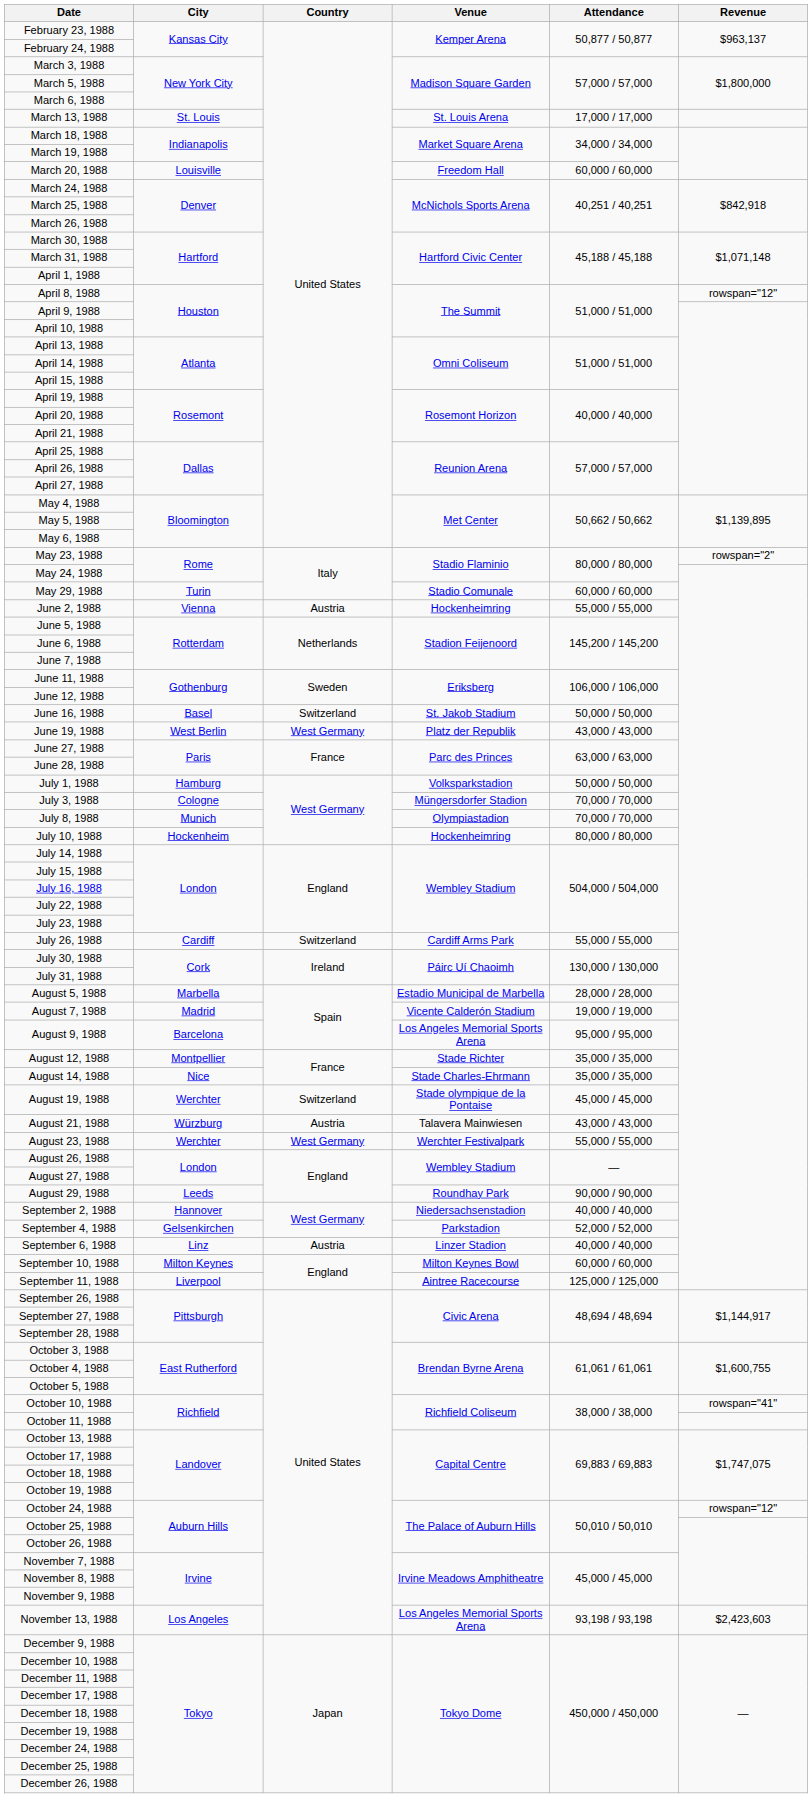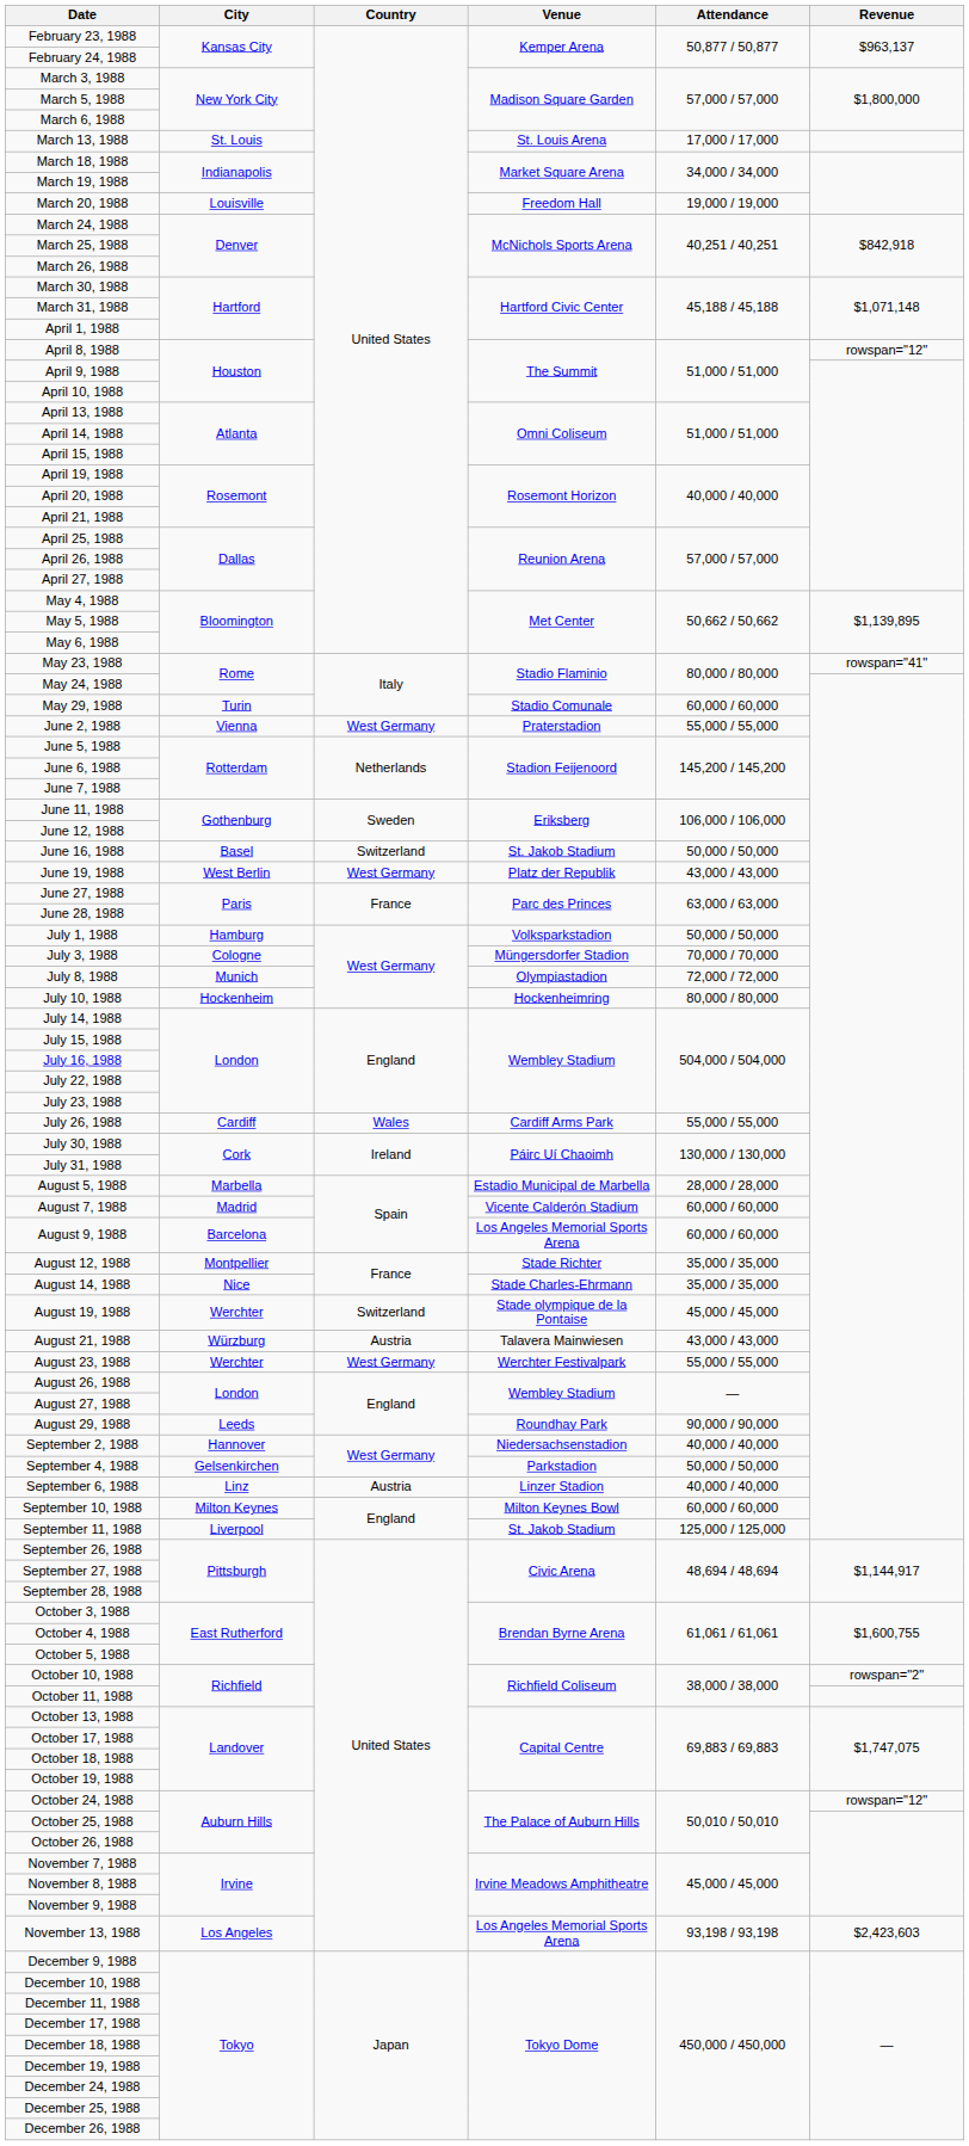 <table class="wikitable" style="text-align:center;">
 <tr>
 <th style="width:180px;">Date</th>
 <th style="width:180px;">City</th>
 <th style="width:180px;">Country</th>
 <th style="width:220px;">Venue</th>
 <th style="width:180px;">Attendance</th>
 <th style="width:180px;">Revenue</th>
 </tr>
 <tr>
 <td>February 23, 1988</td>
 <td rowspan="2"><a href='#'>Kansas City</a></td>
 <td rowspan="30">United States</td>
 <td rowspan="2"><a href='#'>Kemper Arena</a></td>
 <td rowspan="2">50,877 / 50,877</td>
 <td rowspan="2">$963,137</td>
 </tr>
 <tr>
 <td>February 24, 1988</td>
 </tr>
 <tr>
 <td>March 3, 1988</td>
 <td rowspan="3"><a href='#'>New York City</a></td>
 <td rowspan="3"><a href='#'>Madison Square Garden</a></td>
 <td rowspan=3>57,000 / 57,000</td>
 <td rowspan=3>$1,800,000</td>
 </tr>
 <tr>
 <td>March 5, 1988</td>
 </tr>
 <tr>
 <td>March 6, 1988</td>
 </tr>
 <tr>
 <td>March 13, 1988</td>
 <td><a href='#'>St. Louis</a></td>
 <td><a href='#'>St. Louis Arena</a></td>
 <td>17,000 / 17,000</td>
 <td></td>
 </tr>
 <tr>
 <td>March 18, 1988</td>
 <td rowspan="2"><a href='#'>Indianapolis</a></td>
 <td rowspan="2"><a href='#'>Market Square Arena</a></td>
 <td rowspan="2">34,000 / 34,000</td>
 </tr>
 <tr>
 <td>March 19, 1988</td>
 </tr>
 <tr>
 <td>March 20, 1988</td>
 <td><a href='#'>Louisville</a></td>
 <td><a href='#'>Freedom Hall</a></td>
-<td>60,000 / 60,000</td>
+<td>19,000 / 19,000</td>
 </tr>
 <tr>
 <td>March 24, 1988</td>
 <td rowspan="3"><a href='#'>Denver</a></td>
 <td rowspan="3"><a href='#'>McNichols Sports Arena</a></td>
 <td rowspan="3">40,251 / 40,251</td>
 <td rowspan="3">$842,918</td>
 </tr>
 <tr>
 <td>March 25, 1988</td>
 </tr>
 <tr>
 <td>March 26, 1988</td>
 </tr>
 <tr>
 <td>March 30, 1988</td>
 <td rowspan="3"><a href='#'>Hartford</a></td>
 <td rowspan="3"><a href='#'>Hartford Civic Center</a></td>
 <td rowspan="3">45,188 / 45,188</td>
 <td rowspan="3">$1,071,148</td>
 </tr>
 <tr>
 <td>March 31, 1988</td>
 </tr>
 <tr>
 <td>April 1, 1988</td>
 </tr>
 <tr>
 <td>April 8, 1988</td>
 <td rowspan="3"><a href='#'>Houston</a></td>
 <td rowspan="3"><a href='#'>The Summit</a></td>
 <td rowspan="3">51,000 / 51,000</td>
 <td>rowspan="12" </td>
 </tr>
 <tr>
 <td>April 9, 1988</td>
 </tr>
 <tr>
 <td>April 10, 1988</td>
 </tr>
 <tr>
 <td>April 13, 1988</td>
 <td rowspan="3"><a href='#'>Atlanta</a></td>
 <td rowspan="3"><a href='#'>Omni Coliseum</a></td>
 <td rowspan="3">51,000 / 51,000</td>
 </tr>
 <tr>
 <td>April 14, 1988</td>
 </tr>
 <tr>
 <td>April 15, 1988</td>
 </tr>
 <tr>
 <td>April 19, 1988</td>
 <td rowspan="3"><a href='#'>Rosemont</a></td>
 <td rowspan="3"><a href='#'>Rosemont Horizon</a></td>
 <td rowspan="3">40,000 / 40,000</td>
 </tr>
 <tr>
 <td>April 20, 1988</td>
 </tr>
 <tr>
 <td>April 21, 1988</td>
 </tr>
 <tr>
 <td>April 25, 1988</td>
 <td rowspan="3"><a href='#'>Dallas</a></td>
 <td rowspan="3"><a href='#'>Reunion Arena</a></td>
 <td rowspan="3">57,000 / 57,000</td>
 </tr>
 <tr>
 <td>April 26, 1988</td>
 </tr>
 <tr>
 <td>April 27, 1988</td>
 </tr>
 <tr>
 <td>May 4, 1988</td>
 <td rowspan="3"><a href='#'>Bloomington</a></td>
 <td rowspan="3"><a href='#'>Met Center</a></td>
 <td rowspan="3">50,662 / 50,662</td>
 <td rowspan="3">$1,139,895</td>
 </tr>
 <tr>
 <td>May 5, 1988</td>
 </tr>
 <tr>
 <td>May 6, 1988</td>
 </tr>
 <tr>
 <td>May 23, 1988</td>
 <td rowspan="2"><a href='#'>Rome</a></td>
 <td rowspan="3">Italy</td>
 <td rowspan="2"><a href='#'>Stadio Flaminio</a></td>
 <td rowspan="2">80,000 / 80,000</td>
-<td>rowspan="2" </td>
+<td>rowspan="41" </td>
 </tr>
 <tr>
 <td>May 24, 1988</td>
 </tr>
 <tr>
 <td>May 29, 1988</td>
 <td><a href='#'>Turin</a></td>
 <td><a href='#'>Stadio Comunale</a></td>
 <td>60,000 / 60,000</td>
 </tr>
 <tr>
 <td>June 2, 1988</td>
 <td><a href='#'>Vienna</a></td>
-<td>Austria</td>
-<td><a href='#'>Hockenheimring</a></td>
+<td><a href='#'>West Germany</a></td>
+<td><a href='#'>Praterstadion</a></td>
 <td>55,000 / 55,000</td>
 </tr>
 <tr>
 <td>June 5, 1988</td>
 <td rowspan="3"><a href='#'>Rotterdam</a></td>
 <td rowspan="3">Netherlands</td>
 <td rowspan="3"><a href='#'>Stadion Feijenoord</a></td>
 <td rowspan="3">145,200 / 145,200</td>
 </tr>
 <tr>
 <td>June 6, 1988</td>
 </tr>
 <tr>
 <td>June 7, 1988</td>
 </tr>
 <tr>
 <td>June 11, 1988</td>
 <td rowspan="2"><a href='#'>Gothenburg</a></td>
 <td rowspan="2">Sweden</td>
 <td rowspan="2"><a href='#'>Eriksberg</a></td>
 <td rowspan="2">106,000 / 106,000</td>
 </tr>
 <tr>
 <td>June 12, 1988</td>
 </tr>
 <tr>
 <td>June 16, 1988</td>
 <td><a href='#'>Basel</a></td>
 <td>Switzerland</td>
 <td><a href='#'>St. Jakob Stadium</a></td>
 <td>50,000 / 50,000</td>
 </tr>
 <tr>
 <td>June 19, 1988</td>
 <td><a href='#'>West Berlin</a></td>
 <td><a href='#'>West Germany</a></td>
 <td><a href='#'>Platz der Republik</a></td>
 <td>43,000 / 43,000</td>
 </tr>
 <tr>
 <td>June 27, 1988</td>
 <td rowspan="2"><a href='#'>Paris</a></td>
 <td rowspan="2">France</td>
 <td rowspan="2"><a href='#'>Parc des Princes</a></td>
 <td rowspan="2">63,000 / 63,000</td>
 </tr>
 <tr>
 <td>June 28, 1988</td>
 </tr>
 <tr>
 <td>July 1, 1988</td>
 <td><a href='#'>Hamburg</a></td>
 <td rowspan="4"><a href='#'>West Germany</a></td>
 <td><a href='#'>Volksparkstadion</a></td>
 <td>50,000 / 50,000</td>
 </tr>
 <tr>
 <td>July 3, 1988</td>
 <td><a href='#'>Cologne</a></td>
 <td><a href='#'>Müngersdorfer Stadion</a></td>
 <td>70,000 / 70,000</td>
 </tr>
 <tr>
 <td>July 8, 1988</td>
 <td><a href='#'>Munich</a></td>
 <td><a href='#'>Olympiastadion</a></td>
-<td>70,000 / 70,000</td>
+<td>72,000 / 72,000</td>
 </tr>
 <tr>
 <td>July 10, 1988</td>
 <td><a href='#'>Hockenheim</a></td>
 <td><a href='#'>Hockenheimring</a></td>
 <td>80,000 / 80,000</td>
 </tr>
 <tr>
 <td>July 14, 1988</td>
 <td rowspan="5"><a href='#'>London</a></td>
 <td rowspan="5">England</td>
 <td rowspan="5"><a href='#'>Wembley Stadium</a></td>
 <td rowspan="5">504,000 / 504,000</td>
 </tr>
 <tr>
 <td>July 15, 1988</td>
 </tr>
 <tr>
 <td><a href='#'>July 16, 1988</a></td>
 </tr>
 <tr>
 <td>July 22, 1988</td>
 </tr>
 <tr>
 <td>July 23, 1988</td>
 </tr>
 <tr>
 <td>July 26, 1988</td>
 <td><a href='#'>Cardiff</a></td>
-<td>Switzerland</td>
+<td><a href='#'>Wales</a></td>
 <td><a href='#'>Cardiff Arms Park</a></td>
 <td>55,000 / 55,000</td>
 </tr>
 <tr>
 <td>July 30, 1988</td>
 <td rowspan="2"><a href='#'>Cork</a></td>
 <td rowspan="2">Ireland</td>
 <td rowspan="2"><a href='#'>Páirc Uí Chaoimh</a></td>
 <td rowspan="2">130,000 / 130,000</td>
 </tr>
 <tr>
 <td>July 31, 1988</td>
 </tr>
 <tr>
 <td>August 5, 1988</td>
 <td><a href='#'>Marbella</a></td>
 <td rowspan="3">Spain</td>
 <td><a href='#'>Estadio Municipal de Marbella</a></td>
 <td>28,000 / 28,000</td>
 </tr>
 <tr>
 <td>August 7, 1988</td>
 <td><a href='#'>Madrid</a></td>
 <td><a href='#'>Vicente Calderón Stadium</a></td>
-<td>19,000 / 19,000</td>
+<td>60,000 / 60,000</td>
 </tr>
 <tr>
 <td>August 9, 1988</td>
 <td><a href='#'>Barcelona</a></td>
 <td><a href='#'>Los Angeles Memorial Sports Arena</a></td>
-<td>95,000 / 95,000</td>
+<td>60,000 / 60,000</td>
 </tr>
 <tr>
 <td>August 12, 1988</td>
 <td><a href='#'>Montpellier</a></td>
 <td rowspan="2">France</td>
 <td><a href='#'>Stade Richter</a></td>
 <td>35,000 / 35,000</td>
 </tr>
 <tr>
 <td>August 14, 1988</td>
 <td><a href='#'>Nice</a></td>
 <td><a href='#'>Stade Charles-Ehrmann</a></td>
 <td>35,000 / 35,000</td>
 </tr>
 <tr>
 <td>August 19, 1988</td>
 <td><a href='#'>Werchter</a></td>
 <td>Switzerland</td>
 <td><a href='#'>Stade olympique de la Pontaise</a></td>
 <td>45,000 / 45,000</td>
 </tr>
 <tr>
 <td>August 21, 1988</td>
 <td><a href='#'>Würzburg</a></td>
 <td>Austria</td>
 <td>Talavera Mainwiesen</td>
 <td>43,000 / 43,000</td>
 </tr>
 <tr>
 <td>August 23, 1988</td>
 <td><a href='#'>Werchter</a></td>
 <td><a href='#'>West Germany</a></td>
 <td><a href='#'>Werchter Festivalpark</a></td>
 <td>55,000 / 55,000</td>
 </tr>
 <tr>
 <td>August 26, 1988</td>
 <td rowspan="2"><a href='#'>London</a></td>
 <td rowspan="3">England</td>
 <td rowspan="2"><a href='#'>Wembley Stadium</a></td>
 <td rowspan="2">—</td>
 </tr>
 <tr>
 <td>August 27, 1988</td>
 </tr>
 <tr>
 <td>August 29, 1988</td>
 <td><a href='#'>Leeds</a></td>
 <td><a href='#'>Roundhay Park</a></td>
 <td>90,000 / 90,000</td>
 </tr>
 <tr>
 <td>September 2, 1988</td>
 <td><a href='#'>Hannover</a></td>
 <td rowspan="2"><a href='#'>West Germany</a></td>
 <td><a href='#'>Niedersachsenstadion</a></td>
 <td>40,000 / 40,000</td>
 </tr>
 <tr>
 <td>September 4, 1988</td>
 <td><a href='#'>Gelsenkirchen</a></td>
 <td><a href='#'>Parkstadion</a></td>
-<td>52,000 / 52,000</td>
+<td>50,000 / 50,000</td>
 </tr>
 <tr>
 <td>September 6, 1988</td>
 <td><a href='#'>Linz</a></td>
 <td>Austria</td>
 <td><a href='#'>Linzer Stadion</a></td>
 <td>40,000 / 40,000</td>
 </tr>
 <tr>
 <td>September 10, 1988</td>
 <td><a href='#'>Milton Keynes</a></td>
 <td rowspan="2">England</td>
 <td><a href='#'>Milton Keynes Bowl</a></td>
 <td>60,000 / 60,000</td>
 </tr>
 <tr>
 <td>September 11, 1988</td>
 <td><a href='#'>Liverpool</a></td>
-<td><a href='#'>Aintree Racecourse</a></td>
+<td><a href='#'>St. Jakob Stadium</a></td>
 <td>125,000 / 125,000</td>
 </tr>
 <tr>
 <td>September 26, 1988</td>
 <td rowspan="3"><a href='#'>Pittsburgh</a></td>
 <td rowspan="19">United States</td>
 <td rowspan="3"><a href='#'>Civic Arena</a></td>
 <td rowspan="3">48,694 / 48,694</td>
 <td rowspan="3">$1,144,917</td>
 </tr>
 <tr>
 <td>September 27, 1988</td>
 </tr>
 <tr>
 <td>September 28, 1988</td>
 </tr>
 <tr>
 <td>October 3, 1988</td>
 <td rowspan="3"><a href='#'>East Rutherford</a></td>
 <td rowspan="3"><a href='#'>Brendan Byrne Arena</a></td>
 <td rowspan="3">61,061 / 61,061</td>
 <td rowspan="3">$1,600,755</td>
 </tr>
 <tr>
 <td>October 4, 1988</td>
 </tr>
 <tr>
 <td>October 5, 1988</td>
 </tr>
 <tr>
 <td>October 10, 1988</td>
 <td rowspan="2"><a href='#'>Richfield</a></td>
 <td rowspan="2"><a href='#'>Richfield Coliseum</a></td>
 <td rowspan="2">38,000 / 38,000</td>
-<td>rowspan="41" </td>
+<td>rowspan="2" </td>
 </tr>
 <tr>
 <td>October 11, 1988</td>
 </tr>
 <tr>
 <td>October 13, 1988</td>
 <td rowspan="4"><a href='#'>Landover</a></td>
 <td rowspan="4"><a href='#'>Capital Centre</a></td>
 <td rowspan="4">69,883 / 69,883</td>
 <td rowspan="4">$1,747,075</td>
 </tr>
 <tr>
 <td>October 17, 1988</td>
 </tr>
 <tr>
 <td>October 18, 1988</td>
 </tr>
 <tr>
 <td>October 19, 1988</td>
 </tr>
 <tr>
 <td>October 24, 1988</td>
 <td rowspan="3"><a href='#'>Auburn Hills</a></td>
 <td rowspan="3"><a href='#'>The Palace of Auburn Hills</a></td>
 <td rowspan="3">50,010 / 50,010</td>
 <td>rowspan="12" </td>
 </tr>
 <tr>
 <td>October 25, 1988</td>
 </tr>
 <tr>
 <td>October 26, 1988</td>
 </tr>
 <tr>
 <td>November 7, 1988</td>
 <td rowspan="3"><a href='#'>Irvine</a></td>
 <td rowspan="3"><a href='#'>Irvine Meadows Amphitheatre</a></td>
 <td rowspan="3">45,000 / 45,000</td>
 </tr>
 <tr>
 <td>November 8, 1988</td>
 </tr>
 <tr>
 <td>November 9, 1988</td>
 </tr>
 <tr>
 <td>November 13, 1988</td>
 <td><a href='#'>Los Angeles</a></td>
 <td><a href='#'>Los Angeles Memorial Sports Arena</a></td>
 <td>93,198 / 93,198</td>
 <td>$2,423,603</td>
 </tr>
 <tr>
 <td>December 9, 1988</td>
 <td rowspan="9"><a href='#'>Tokyo</a></td>
 <td rowspan="9">Japan</td>
 <td rowspan="9"><a href='#'>Tokyo Dome</a></td>
 <td rowspan="9">450,000 / 450,000</td>
 <td rowspan="9">—</td>
 </tr>
 <tr>
 <td>December 10, 1988</td>
 </tr>
 <tr>
 <td>December 11, 1988</td>
 </tr>
 <tr>
 <td>December 17, 1988</td>
 </tr>
 <tr>
 <td>December 18, 1988</td>
 </tr>
 <tr>
 <td>December 19, 1988</td>
 </tr>
 <tr>
 <td>December 24, 1988</td>
 </tr>
 <tr>
 <td>December 25, 1988</td>
 </tr>
 <tr>
 <td>December 26, 1988</td>
 </tr>
 </table>
